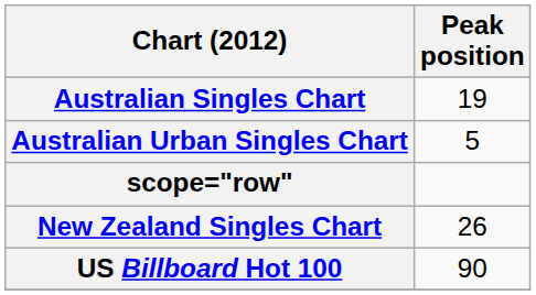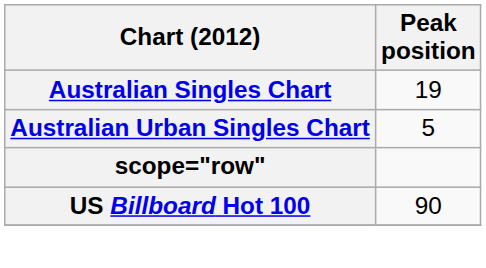 <table class="wikitable sortable plainrowheaders">
 <tr>
 <th scope="col">Chart (2012)</th>
 <th scope="col">Peak<br>position</th>
 </tr>
 <tr>
 <th scope="row"><a href='#'>Australian Singles Chart</a></th>
 <td style="text-align:center;">19</td>
 </tr>
 <tr>
 <th scope="row"><a href='#'>Australian Urban Singles Chart</a></th>
 <td style="text-align:center;">5</td>
 </tr>
 <tr>
 <th>scope="row"</th>
 </tr>
 <tr>
-<th scope="row"><a href='#'>New Zealand Singles Chart</a></th>
-<td style="text-align:center;">26</td>
-</tr>
-<tr>
 <th scope="row">US <a href='#'><em>Billboard</em> Hot 100</a></th>
 <td style="text-align:center;">90</td>
 </tr>
 <tr>
 </tr>
 </table>
